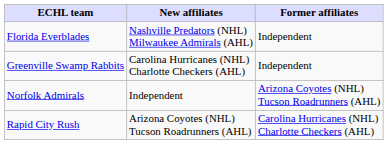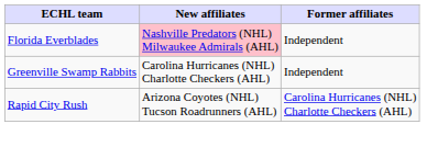 <table class="wikitable">
 <tr>
 <th style="background:#ddf">ECHL team</th>
 <th style="background:#ddf">New affiliates</th>
 <th style="background:#ddf">Former affiliates</th>
 </tr>
 <tr>
 <td><a href='#'>Florida Everblades</a></td>
-<td><a href='#'>Nashville Predators</a> (NHL)<br><a href='#'>Milwaukee Admirals</a> (AHL)</td>
+<td style="background: pink;"><a href='#'>Nashville Predators</a> (NHL)<br><a href='#'>Milwaukee Admirals</a> (AHL)</td>
 <td>Independent</td>
 </tr>
 <tr>
 <td><a href='#'>Greenville Swamp Rabbits</a></td>
 <td>Carolina Hurricanes (NHL)<br>Charlotte Checkers (AHL)</td>
 <td>Independent</td>
 </tr>
 <tr>
-<td><a href='#'>Norfolk Admirals</a></td>
-<td>Independent</td>
-<td><a href='#'>Arizona Coyotes</a> (NHL)<br><a href='#'>Tucson Roadrunners</a> (AHL)</td>
-</tr>
-<tr>
 <td><a href='#'>Rapid City Rush</a></td>
 <td>Arizona Coyotes (NHL)<br>Tucson Roadrunners (AHL)</td>
 <td><a href='#'>Carolina Hurricanes</a> (NHL)<br><a href='#'>Charlotte Checkers</a> (AHL)</td>
 </tr>
 </table>
